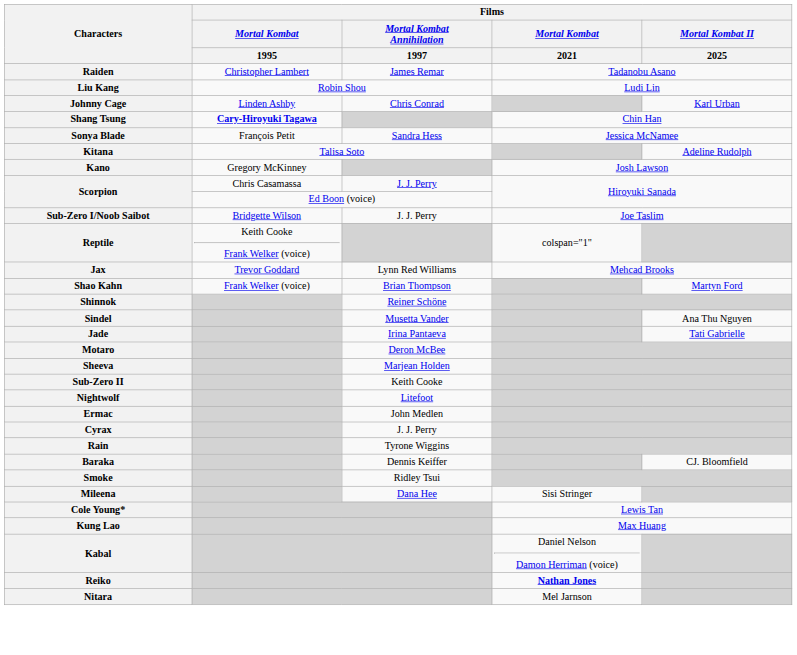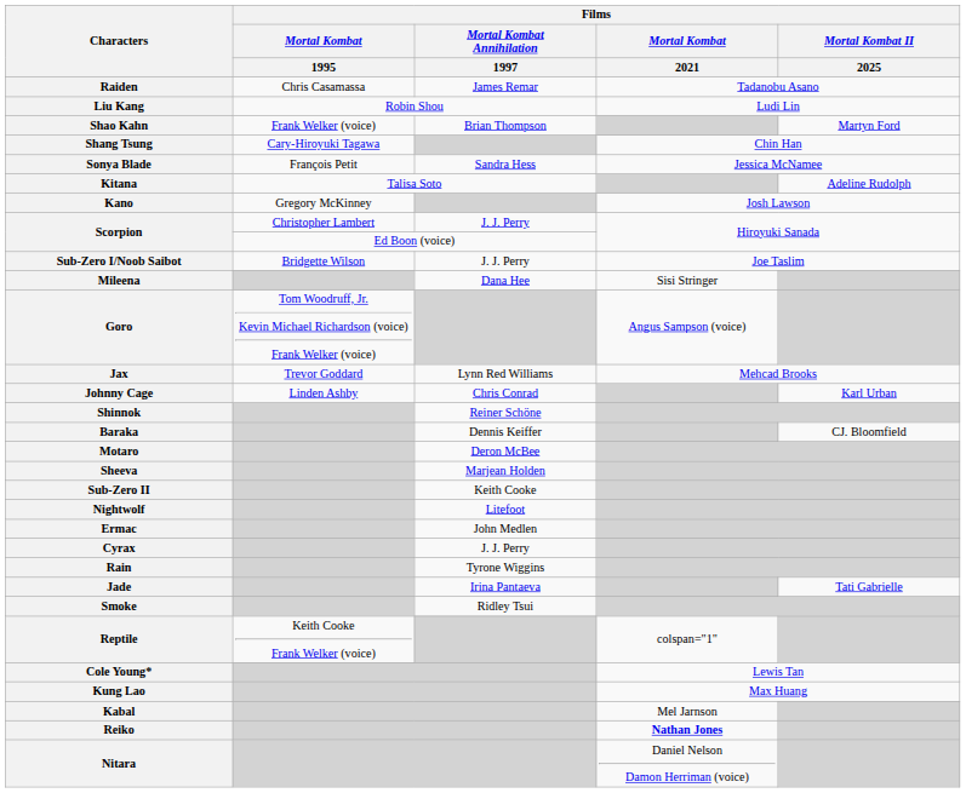 <table class="wikitable sortable" style="width:99%; text-align:center;">
 <tr>
 <th rowspan="3" style="width:20%;">Characters</th>
 <th colspan="4">Films</th>
 </tr>
 <tr>
 <th style="width:16%;"><em><a href='#'>Mortal Kombat</a></em></th>
 <th style="width:16%;"><em><a href='#'>Mortal Kombat<br> Annihilation</a></em></th>
 <th style="width:16%;"><em><a href='#'>Mortal Kombat</a></em></th>
 <th style="width:16%;"><em><a href='#'>Mortal Kombat II</a></em></th>
 </tr>
 <tr>
 <th>1995</th>
 <th>1997</th>
 <th>2021</th>
 <th>2025</th>
 </tr>
 <tr>
 <th scope="row">Raiden</th>
-<td colspan="1"><a href='#'>Christopher Lambert</a></td>
+<td colspan="1">Chris Casamassa</td>
 <td colspan="1"><a href='#'>James Remar</a></td>
 <td colspan="2"><a href='#'>Tadanobu Asano</a></td>
 </tr>
 <tr>
 <th scope="row">Liu Kang</th>
 <td colspan="2"><a href='#'>Robin Shou</a></td>
 <td colspan="2"><a href='#'>Ludi Lin</a></td>
 </tr>
 <tr>
-<th scope="row">Johnny Cage</th>
-<td colspan="1"><a href='#'>Linden Ashby</a></td>
-<td colspan="1"><a href='#'>Chris Conrad</a></td>
+<th scope="row">Shao Kahn</th>
+<td colspan="1"><a href='#'>Frank Welker</a> (voice)</td>
+<td colspan="1"><a href='#'>Brian Thompson</a></td>
 <td style="background:lightgrey;"> </td>
-<td colspan="1"><a href='#'>Karl Urban</a></td>
+<td colspan="1"><a href='#'>Martyn Ford</a></td>
 </tr>
 <tr>
 <th scope="row">Shang Tsung</th>
-<td colspan="1"><strong><a href='#'>Cary-Hiroyuki Tagawa</a></strong></td>
+<td colspan="1"><a href='#'>Cary-Hiroyuki Tagawa</a></td>
 <td style="background:lightgrey;"> </td>
 <td colspan="2"><a href='#'>Chin Han</a></td>
 </tr>
 <tr>
 <th scope="row">Sonya Blade</th>
 <td colspan="1">François Petit</td>
 <td colspan="1"><a href='#'>Sandra Hess</a></td>
 <td colspan="2"><a href='#'>Jessica McNamee</a></td>
 </tr>
 <tr>
 <th scope="row">Kitana</th>
 <td colspan="2"><a href='#'>Talisa Soto</a></td>
 <td style="background:lightgrey;"> </td>
 <td colspan="1"><a href='#'>Adeline Rudolph</a></td>
 </tr>
 <tr>
 <th scope="row">Kano</th>
 <td colspan="1">Gregory McKinney</td>
 <td style="background:lightgrey;"> </td>
 <td colspan="2"><a href='#'>Josh Lawson</a></td>
 </tr>
 <tr>
 <th scope="row" rowspan="2">Scorpion</th>
-<td colspan="1">Chris Casamassa</td>
+<td colspan="1"><a href='#'>Christopher Lambert</a></td>
 <td colspan="1"><a href='#'>J. J. Perry</a></td>
 <td colspan="2" rowspan="2"><a href='#'>Hiroyuki Sanada</a></td>
 </tr>
 <tr>
 <td colspan="2"><a href='#'>Ed Boon</a> (voice)</td>
 </tr>
 <tr>
 <th scope="row">Sub-Zero I/Noob Saibot</th>
 <td colspan="1"><a href='#'>Bridgette Wilson</a></td>
 <td colspan="1">J. J. Perry</td>
 <td colspan="2"><a href='#'>Joe Taslim</a></td>
 </tr>
 <tr>
-<th>Reptile</th>
-<td colspan="1">Keith Cooke<hr><a href='#'>Frank Welker</a> (voice)</td>
+<th scope="row">Mileena</th>
 <td style="background:lightgrey;"> </td>
-<td>colspan="1" </td>
+<td colspan="1"><a href='#'>Dana Hee</a></td>
+<td colspan="1">Sisi Stringer</td>
+<td style="background:lightgrey;"> </td>
+</tr>
+<tr>
+<th>Goro</th>
+<td><a href='#'>Tom Woodruff, Jr.</a><hr><a href='#'>Kevin Michael Richardson</a> (voice)<hr><a href='#'>Frank Welker</a> (voice)</td>
+<td style="background:lightgrey;"> </td>
+<td><a href='#'>Angus Sampson</a> (voice)</td>
 <td style="background:lightgrey;"> </td>
 </tr>
 <tr>
 <th scope="row">Jax</th>
 <td colspan="1"><a href='#'>Trevor Goddard</a></td>
 <td colspan="1">Lynn Red Williams</td>
 <td colspan="2"><a href='#'>Mehcad Brooks</a></td>
 </tr>
 <tr>
-<th scope="row">Shao Kahn</th>
-<td colspan="1"><a href='#'>Frank Welker</a> (voice)</td>
-<td colspan="1"><a href='#'>Brian Thompson</a></td>
+<th scope="row">Johnny Cage</th>
+<td colspan="1"><a href='#'>Linden Ashby</a></td>
+<td colspan="1"><a href='#'>Chris Conrad</a></td>
 <td style="background:lightgrey;"> </td>
-<td colspan="1"><a href='#'>Martyn Ford</a></td>
+<td colspan="1"><a href='#'>Karl Urban</a></td>
 </tr>
 <tr>
 <th scope="row">Shinnok</th>
 <td style="background:lightgrey;"> </td>
 <td colspan="1"><a href='#'>Reiner Schöne</a></td>
 <td colspan="2" style="background:lightgrey;"> </td>
 </tr>
 <tr>
-<th scope="row">Sindel</th>
+<th scope="row">Baraka</th>
 <td style="background:lightgrey;"> </td>
-<td colspan="1"><a href='#'>Musetta Vander</a></td>
+<td colspan="1">Dennis Keiffer</td>
 <td style="background:lightgrey;"> </td>
-<td colspan="1">Ana Thu Nguyen</td>
-</tr>
-<tr>
-<th scope="row">Jade</th>
-<td style="background:lightgrey;"> </td>
-<td colspan="1"><a href='#'>Irina Pantaeva</a></td>
-<td style="background:lightgrey;"> </td>
-<td colspan="1"><a href='#'>Tati Gabrielle</a></td>
+<td colspan="1">CJ. Bloomfield</td>
 </tr>
 <tr>
 <th scope="row">Motaro</th>
 <td style="background:lightgrey;"> </td>
 <td colspan="1"><a href='#'>Deron McBee</a></td>
 <td colspan="2" style="background:lightgrey;"> </td>
 </tr>
 <tr>
 <th scope="row">Sheeva</th>
 <td style="background:lightgrey;"> </td>
 <td colspan="1"><a href='#'>Marjean Holden</a></td>
 <td colspan="2" style="background:lightgrey;"> </td>
 </tr>
 <tr>
 <th scope="row">Sub-Zero II</th>
 <td style="background:lightgrey;"> </td>
 <td colspan="1">Keith Cooke</td>
 <td colspan="2" style="background:lightgrey;"> </td>
 </tr>
 <tr>
 <th scope="row">Nightwolf</th>
 <td style="background:lightgrey;"> </td>
 <td colspan="1"><a href='#'>Litefoot</a></td>
 <td colspan="2" style="background:lightgrey;"> </td>
 </tr>
 <tr>
 <th scope="row">Ermac</th>
 <td style="background:lightgrey;"> </td>
 <td colspan="1">John Medlen</td>
 <td colspan="2" style="background:lightgrey;"> </td>
 </tr>
 <tr>
 <th scope="row">Cyrax</th>
 <td style="background:lightgrey;"> </td>
 <td colspan="1">J. J. Perry</td>
 <td colspan="2" style="background:lightgrey;"> </td>
 </tr>
 <tr>
 <th scope="row">Rain</th>
 <td style="background:lightgrey;"> </td>
 <td colspan="1">Tyrone Wiggins</td>
 <td colspan="2" style="background:lightgrey;"> </td>
 </tr>
 <tr>
-<th scope="row">Baraka</th>
+<th scope="row">Jade</th>
 <td style="background:lightgrey;"> </td>
-<td colspan="1">Dennis Keiffer</td>
+<td colspan="1"><a href='#'>Irina Pantaeva</a></td>
 <td style="background:lightgrey;"> </td>
-<td colspan="1">CJ. Bloomfield</td>
+<td colspan="1"><a href='#'>Tati Gabrielle</a></td>
 </tr>
 <tr>
 <th scope="row">Smoke</th>
 <td style="background:lightgrey;"> </td>
 <td colspan="1">Ridley Tsui</td>
 <td colspan="2" style="background:lightgrey;"> </td>
 </tr>
 <tr>
-<th scope="row">Mileena</th>
+<th>Reptile</th>
+<td colspan="1">Keith Cooke<hr><a href='#'>Frank Welker</a> (voice)</td>
 <td style="background:lightgrey;"> </td>
-<td colspan="1"><a href='#'>Dana Hee</a></td>
-<td colspan="1">Sisi Stringer</td>
+<td>colspan="1" </td>
 <td style="background:lightgrey;"> </td>
 </tr>
 <tr>
 <th scope="row">Cole Young<strong>*</strong></th>
 <td colspan="2" style="background:lightgrey;"> </td>
 <td colspan="2"><a href='#'>Lewis Tan</a></td>
 </tr>
 <tr>
 <th scope="row">Kung Lao</th>
 <td colspan="2" style="background:lightgrey;"> </td>
 <td colspan="2"><a href='#'>Max Huang</a></td>
 </tr>
 <tr>
 <th scope="row">Kabal</th>
 <td colspan="2" style="background:lightgrey;"> </td>
-<td colspan="1">Daniel Nelson <hr> <a href='#'>Damon Herriman</a> (voice)</td>
+<td colspan="1">Mel Jarnson</td>
 <td style="background:lightgrey;"> </td>
 </tr>
 <tr>
 <th scope="row">Reiko</th>
 <td colspan="2" style="background:lightgrey;"> </td>
 <td colspan="1"><strong><a href='#'>Nathan Jones</a></strong></td>
 <td style="background:lightgrey;"> </td>
 </tr>
 <tr>
 <th scope="row">Nitara</th>
 <td colspan="2" style="background:lightgrey;"> </td>
-<td colspan="1">Mel Jarnson</td>
+<td colspan="1">Daniel Nelson <hr> <a href='#'>Damon Herriman</a> (voice)</td>
 <td style="background:lightgrey;"> </td>
 </tr>
 </table>
